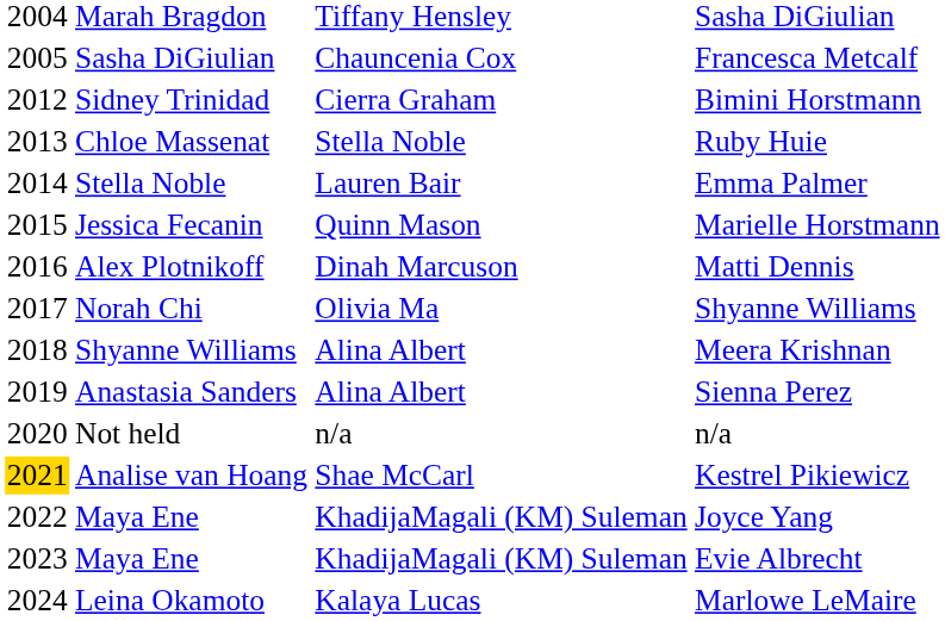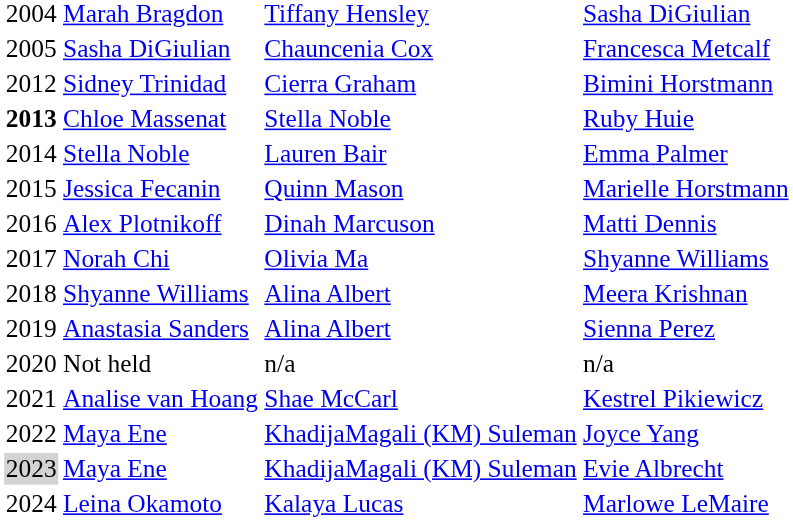 <table>
 <tr>
 <td style="text-align:center;">2004</td>
 <td><a href='#'>Marah Bragdon</a></td>
 <td><a href='#'>Tiffany Hensley</a></td>
 <td><a href='#'>Sasha DiGiulian</a></td>
 </tr>
 <tr>
 <td style="text-align:center;">2005</td>
 <td><a href='#'>Sasha DiGiulian</a></td>
 <td><a href='#'>Chauncenia Cox</a></td>
 <td><a href='#'>Francesca Metcalf</a></td>
 </tr>
 <tr>
 <td style="text-align:center;">2012</td>
 <td><a href='#'>Sidney Trinidad</a></td>
 <td><a href='#'>Cierra Graham</a></td>
 <td><a href='#'>Bimini Horstmann</a></td>
 </tr>
 <tr>
-<td style="text-align:center;">2013</td>
+<td style="text-align:center;"><strong>2013</strong></td>
 <td><a href='#'>Chloe Massenat</a></td>
 <td><a href='#'>Stella Noble</a></td>
 <td><a href='#'>Ruby Huie</a></td>
 </tr>
 <tr>
 <td style="text-align:center;">2014</td>
 <td><a href='#'>Stella Noble</a></td>
 <td><a href='#'>Lauren Bair</a></td>
 <td><a href='#'>Emma Palmer</a></td>
 </tr>
 <tr>
 <td style="text-align:center;">2015</td>
 <td><a href='#'>Jessica Fecanin</a></td>
 <td><a href='#'>Quinn Mason</a></td>
 <td><a href='#'>Marielle Horstmann</a></td>
 </tr>
 <tr>
 <td style="text-align:center;">2016</td>
 <td><a href='#'>Alex Plotnikoff</a></td>
 <td><a href='#'>Dinah Marcuson</a></td>
 <td><a href='#'>Matti Dennis</a></td>
 </tr>
 <tr>
 <td style="text-align:center;">2017</td>
 <td><a href='#'>Norah Chi</a></td>
 <td><a href='#'>Olivia Ma</a></td>
 <td><a href='#'>Shyanne Williams</a></td>
 </tr>
 <tr>
 <td style="text-align:center;">2018</td>
 <td><a href='#'>Shyanne Williams</a></td>
 <td><a href='#'>Alina Albert</a></td>
 <td><a href='#'>Meera Krishnan</a></td>
 </tr>
 <tr>
 <td style="text-align:center;">2019</td>
 <td><a href='#'>Anastasia Sanders</a></td>
 <td><a href='#'>Alina Albert</a></td>
 <td><a href='#'>Sienna Perez</a></td>
 </tr>
 <tr>
 <td style="text-align:center;">2020</td>
 <td>Not held</td>
 <td>n/a</td>
 <td>n/a</td>
 </tr>
 <tr>
-<td style="background: gold; text-align:center;">2021</td>
+<td style="text-align:center;">2021</td>
 <td><a href='#'>Analise van Hoang</a></td>
 <td><a href='#'>Shae McCarl</a></td>
 <td><a href='#'>Kestrel Pikiewicz</a></td>
 </tr>
 <tr>
 <td style="text-align:center;">2022</td>
 <td><a href='#'>Maya Ene</a></td>
 <td><a href='#'>KhadijaMagali (KM) Suleman</a></td>
 <td><a href='#'>Joyce Yang</a></td>
 </tr>
 <tr>
-<td style="text-align:center;">2023</td>
+<td style="background: lightgrey; text-align:center;">2023</td>
 <td><a href='#'>Maya Ene</a></td>
 <td><a href='#'>KhadijaMagali (KM) Suleman</a></td>
 <td><a href='#'>Evie Albrecht</a></td>
 </tr>
 <tr>
 <td style="text-align:center;">2024</td>
 <td><a href='#'>Leina Okamoto</a></td>
 <td><a href='#'>Kalaya Lucas</a></td>
 <td><a href='#'>Marlowe LeMaire</a></td>
 </tr>
 </table>
